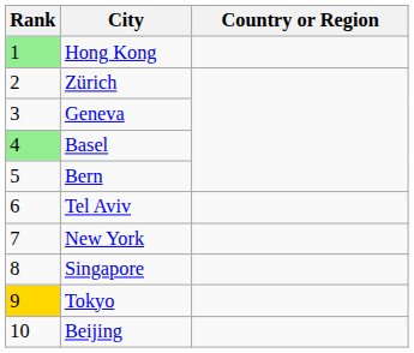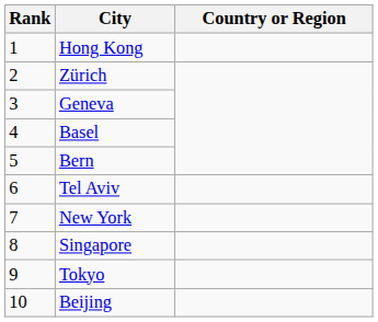 <table class="wikitable sortable">
 <tr>
 <th scope="col">Rank</th>
 <th scope="col" style="width:100px;">City</th>
 <th scope="col" style="width:170px;">Country or Region</th>
 </tr>
 <tr>
-<td style="background: lightgreen;">1</td>
+<td>1</td>
 <td><a href='#'>Hong Kong</a></td>
 <td></td>
 </tr>
 <tr>
 <td>2</td>
 <td><a href='#'>Zürich</a></td>
 <td rowspan="4"></td>
 </tr>
 <tr>
 <td>3</td>
 <td><a href='#'>Geneva</a></td>
 </tr>
 <tr>
-<td style="background: lightgreen;">4</td>
+<td>4</td>
 <td><a href='#'>Basel</a></td>
 </tr>
 <tr>
 <td>5</td>
 <td><a href='#'>Bern</a></td>
 </tr>
 <tr>
 <td>6</td>
 <td><a href='#'>Tel Aviv</a></td>
 <td></td>
 </tr>
 <tr>
 <td>7</td>
 <td><a href='#'>New York</a></td>
 <td></td>
 </tr>
 <tr>
 <td>8</td>
 <td><a href='#'>Singapore</a></td>
 <td></td>
 </tr>
 <tr>
-<td style="background: gold;">9</td>
+<td>9</td>
 <td><a href='#'>Tokyo</a></td>
 <td></td>
 </tr>
 <tr>
 <td>10</td>
 <td><a href='#'>Beijing</a></td>
 <td></td>
 </tr>
 </table>
